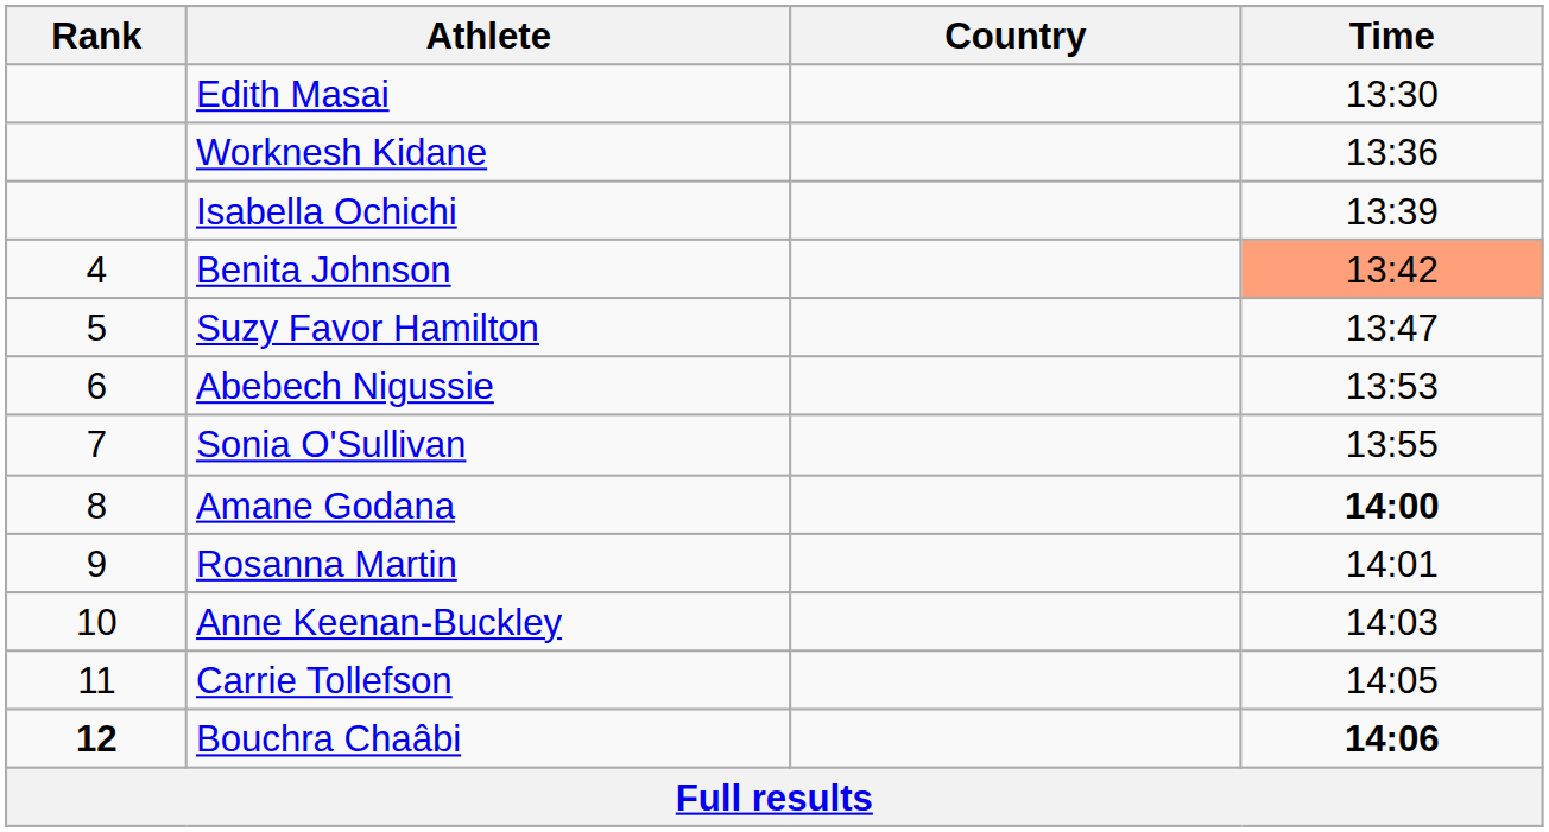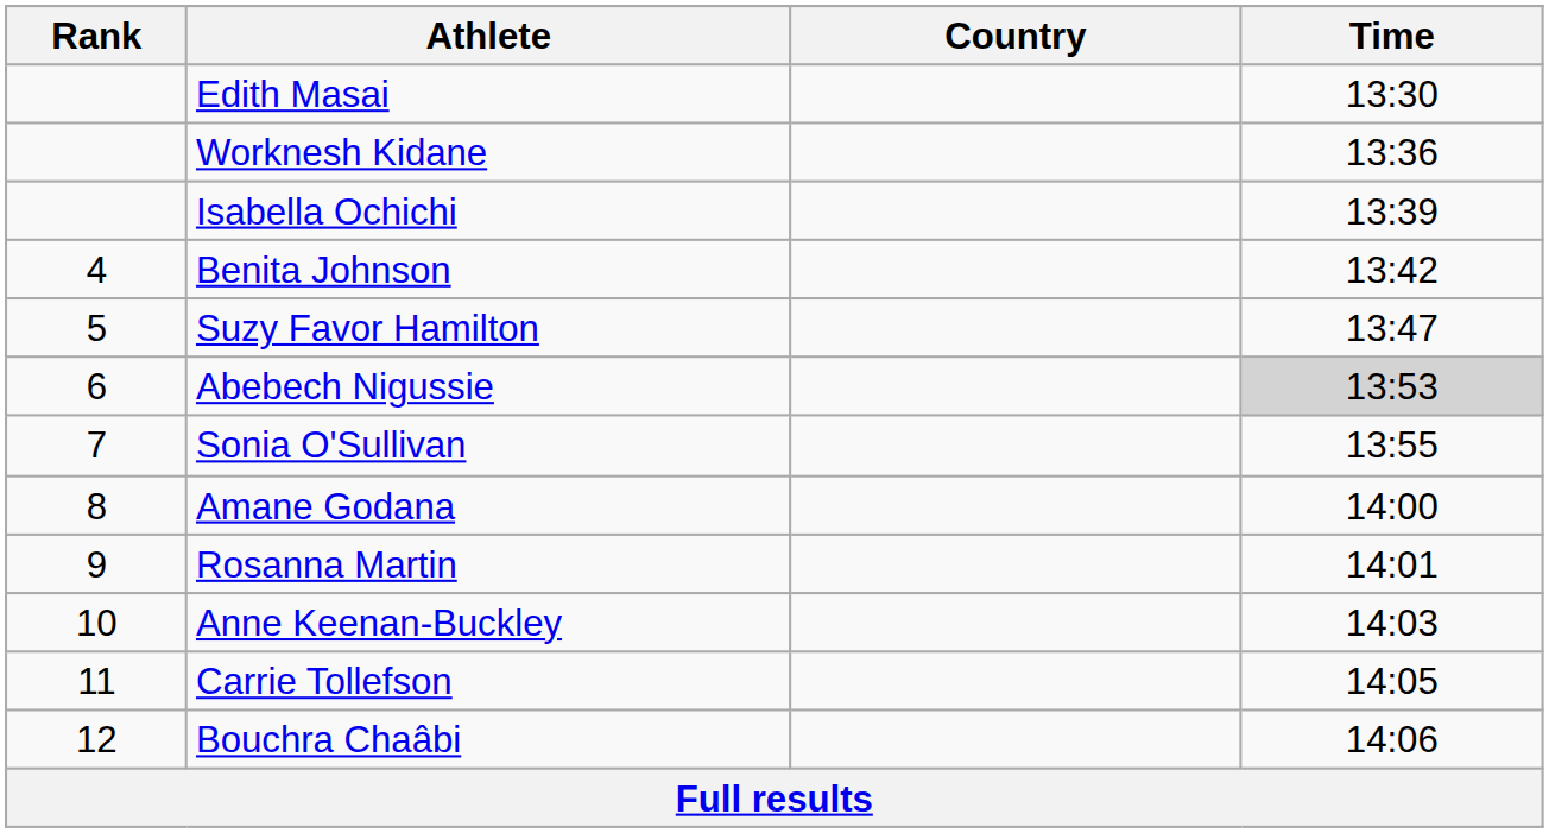 <table class="wikitable sortable" style=" text-align:center; font-size:95%;" width="50%">
 <tr>
 </tr>
 <tr>
 <th width=5%>Rank</th>
 <th width=20%>Athlete</th>
 <th width=15%>Country</th>
 <th width=10%>Time</th>
 </tr>
 <tr>
 <td align=center></td>
 <td align=left><a href='#'>Edith Masai</a></td>
 <td align=left></td>
 <td>13:30</td>
 </tr>
 <tr>
 <td align=center></td>
 <td align=left><a href='#'>Worknesh Kidane</a></td>
 <td align=left></td>
 <td>13:36</td>
 </tr>
 <tr>
 <td align=center></td>
 <td align=left><a href='#'>Isabella Ochichi</a></td>
 <td align=left></td>
 <td>13:39</td>
 </tr>
 <tr>
 <td align=center>4</td>
 <td align=left><a href='#'>Benita Johnson</a></td>
 <td align=left></td>
-<td style="background: lightsalmon;">13:42</td>
+<td>13:42</td>
 </tr>
 <tr>
 <td align=center>5</td>
 <td align=left><a href='#'>Suzy Favor Hamilton</a></td>
 <td align=left></td>
 <td>13:47</td>
 </tr>
 <tr>
 <td align=center>6</td>
 <td align=left><a href='#'>Abebech Nigussie</a></td>
 <td align=left></td>
-<td>13:53</td>
+<td style="background: lightgrey;">13:53</td>
 </tr>
 <tr>
 <td align=center>7</td>
 <td align=left><a href='#'>Sonia O'Sullivan</a></td>
 <td align=left></td>
 <td>13:55</td>
 </tr>
 <tr>
 <td align=center>8</td>
 <td align=left><a href='#'>Amane Godana</a></td>
 <td align=left></td>
-<td><strong>14:00</strong></td>
+<td>14:00</td>
 </tr>
 <tr>
 <td align=center>9</td>
 <td align=left><a href='#'>Rosanna Martin</a></td>
 <td align=left></td>
 <td>14:01</td>
 </tr>
 <tr>
 <td align=center>10</td>
 <td align=left><a href='#'>Anne Keenan-Buckley</a></td>
 <td align=left></td>
 <td>14:03</td>
 </tr>
 <tr>
 <td align=center>11</td>
 <td align=left><a href='#'>Carrie Tollefson</a></td>
 <td align=left></td>
 <td>14:05</td>
 </tr>
 <tr>
-<td align=center><strong>12</strong></td>
+<td align=center>12</td>
 <td align=left><a href='#'>Bouchra Chaâbi</a></td>
 <td align=left></td>
-<td><strong>14:06</strong></td>
+<td>14:06</td>
 </tr>
 <tr class="sortbottom">
 <th colspan=4 align=center><a href='#'>Full results</a></th>
 </tr>
 </table>
